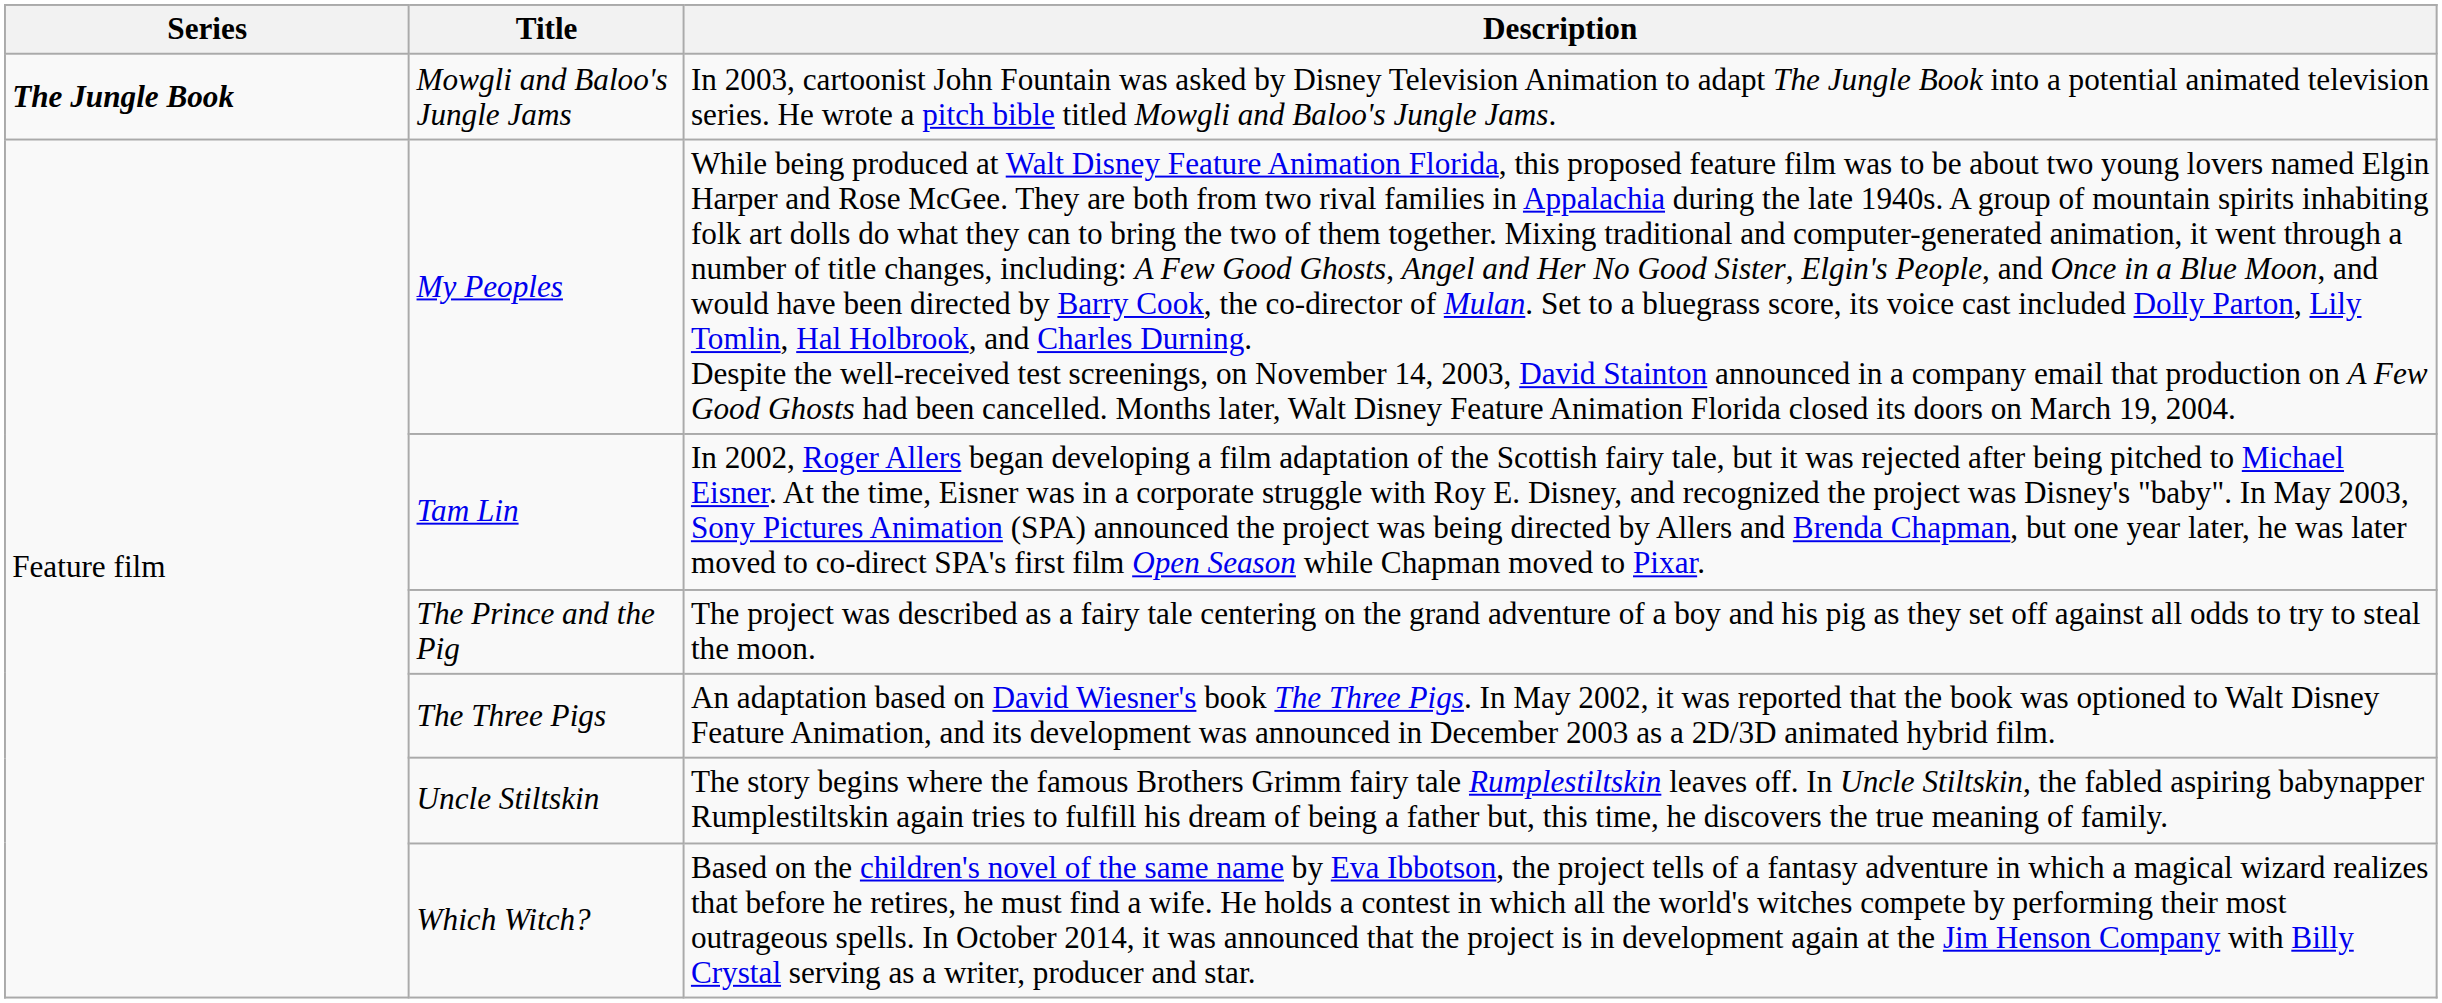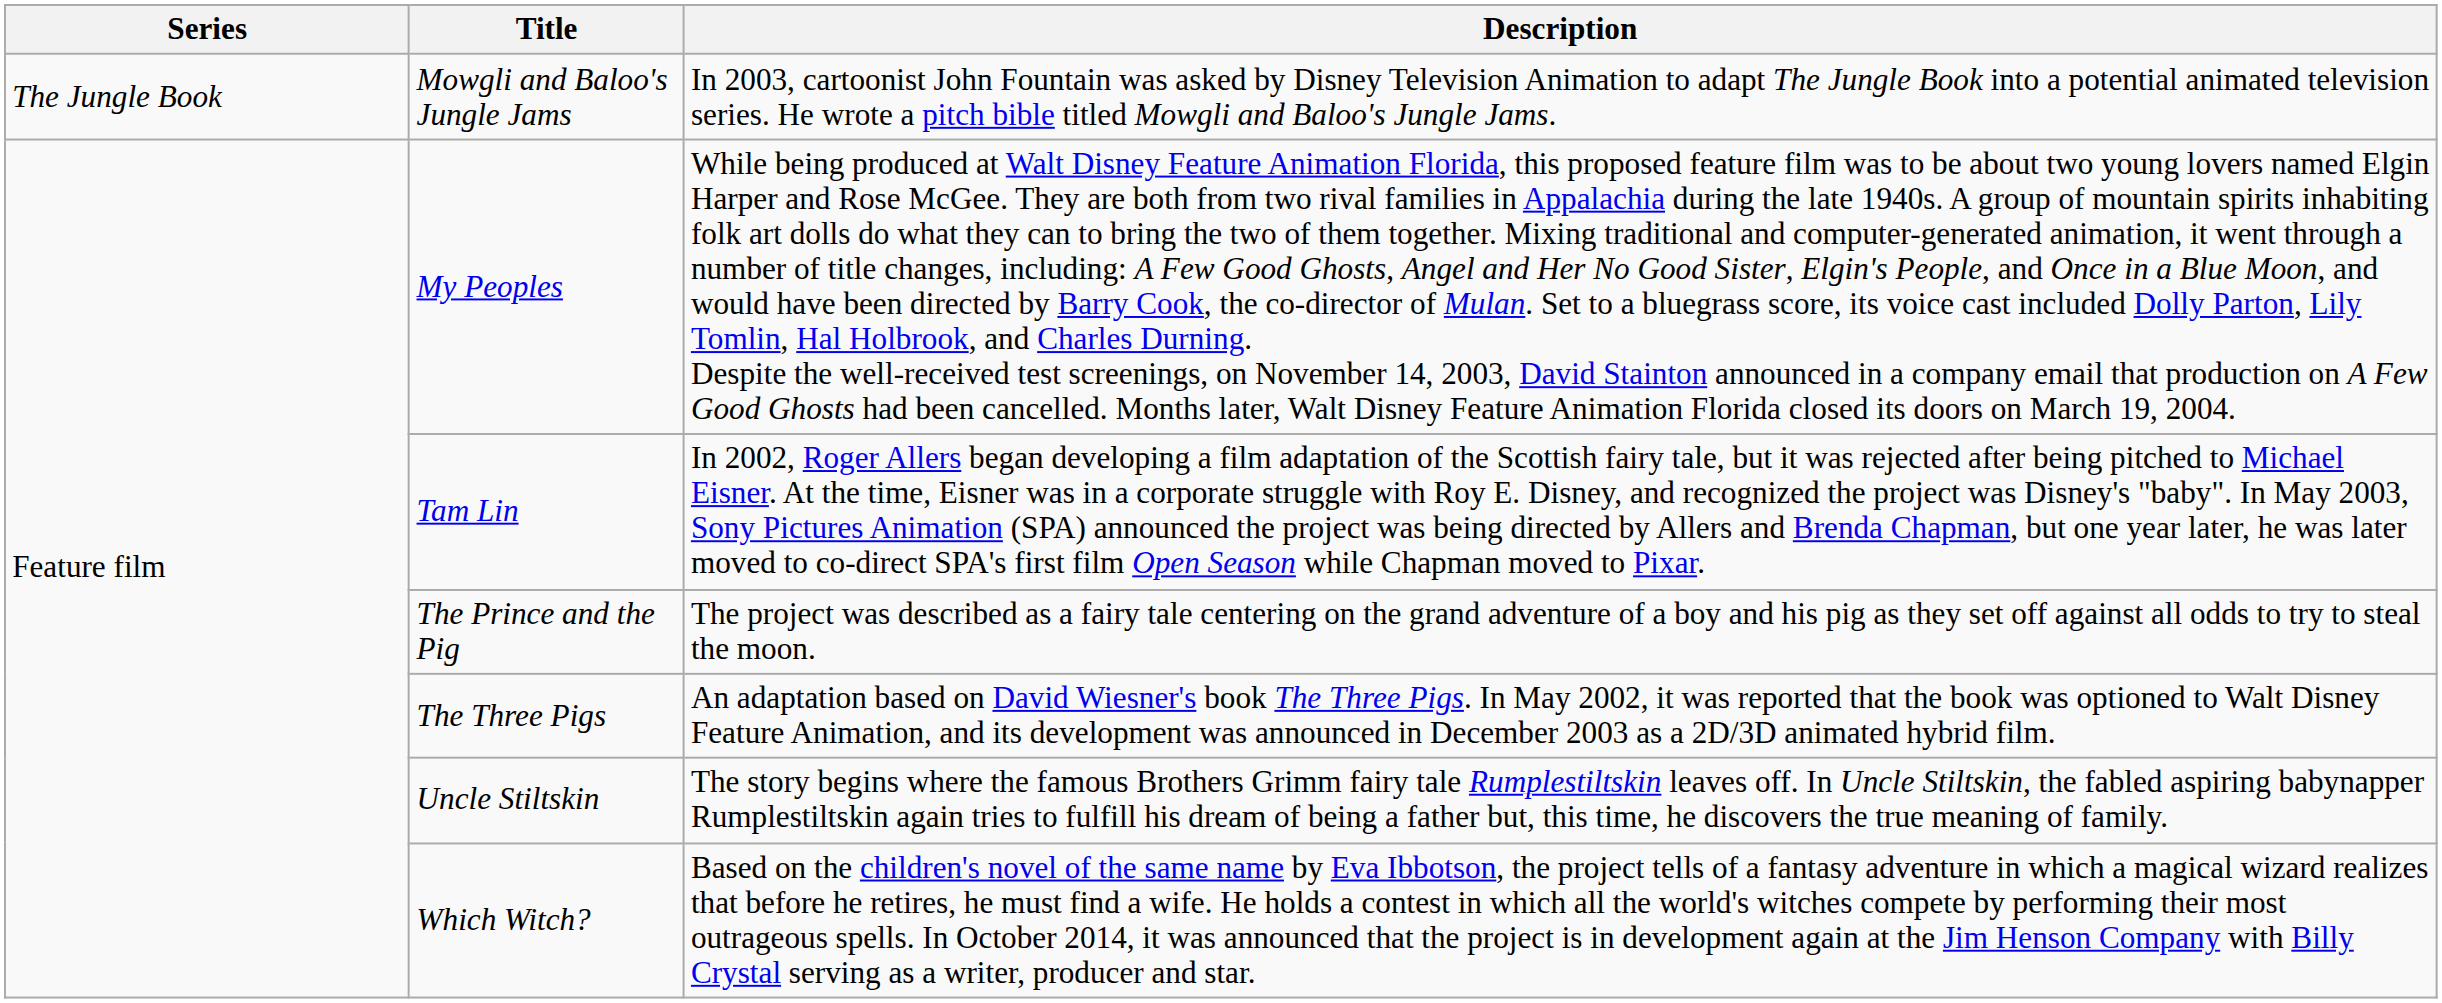 <table class="wikitable">
 <tr>
 <th style="width:150pt;">Series</th>
 <th style="width:100pt;">Title</th>
 <th>Description</th>
 </tr>
 <tr>
-<td><strong><em>The Jungle Book</em></strong></td>
+<td><em>The Jungle Book</em></td>
 <td><em>Mowgli and Baloo's Jungle Jams</em></td>
 <td>In 2003, cartoonist John Fountain was asked by Disney Television Animation to adapt <em>The Jungle Book</em> into a potential animated television series. He wrote a <a href='#'>pitch bible</a> titled <em>Mowgli and Baloo's Jungle Jams</em>.</td>
 </tr>
 <tr>
 <td rowspan="6">Feature film</td>
 <td><em><a href='#'>My Peoples</a></em></td>
 <td>While being produced at <a href='#'>Walt Disney Feature Animation Florida</a>, this proposed feature film was to be about two young lovers named Elgin Harper and Rose McGee. They are both from two rival families in <a href='#'>Appalachia</a> during the late 1940s. A group of mountain spirits inhabiting folk art dolls do what they can to bring the two of them together. Mixing traditional and computer-generated animation, it went through a number of title changes, including: <em>A Few Good Ghosts</em>, <em>Angel and Her No Good Sister</em>, <em>Elgin's People</em>, and <em>Once in a Blue Moon</em>, and would have been directed by <a href='#'>Barry Cook</a>, the co-director of <em><a href='#'>Mulan</a></em>. Set to a bluegrass score, its voice cast included <a href='#'>Dolly Parton</a>, <a href='#'>Lily Tomlin</a>, <a href='#'>Hal Holbrook</a>, and <a href='#'>Charles Durning</a>.<br>Despite the well-received test screenings, on November 14, 2003, <a href='#'>David Stainton</a> announced in a company email that production on <em>A Few Good Ghosts</em> had been cancelled. Months later, Walt Disney Feature Animation Florida closed its doors on March 19, 2004.</td>
 </tr>
 <tr>
 <td><em><a href='#'>Tam Lin</a></em></td>
 <td>In 2002, <a href='#'>Roger Allers</a> began developing a film adaptation of the Scottish fairy tale, but it was rejected after being pitched to <a href='#'>Michael Eisner</a>. At the time, Eisner was in a corporate struggle with Roy E. Disney, and recognized the project was Disney's "baby". In May 2003, <a href='#'>Sony Pictures Animation</a> (SPA) announced the project was being directed by Allers and <a href='#'>Brenda Chapman</a>, but one year later, he was later moved to co-direct SPA's first film <em><a href='#'>Open Season</a></em> while Chapman moved to <a href='#'>Pixar</a>.</td>
 </tr>
 <tr>
 <td><em>The Prince and the Pig</em></td>
 <td>The project was described as a fairy tale centering on the grand adventure of a boy and his pig as they set off against all odds to try to steal the moon.</td>
 </tr>
 <tr>
 <td><em>The Three Pigs</em></td>
 <td>An adaptation based on <a href='#'>David Wiesner's</a> book <em><a href='#'>The Three Pigs</a></em>. In May 2002, it was reported that the book was optioned to Walt Disney Feature Animation, and its development was announced in December 2003 as a 2D/3D animated hybrid film.</td>
 </tr>
 <tr>
 <td><em>Uncle Stiltskin</em></td>
 <td>The story begins where the famous Brothers Grimm fairy tale <em><a href='#'>Rumplestiltskin</a></em> leaves off. In <em>Uncle Stiltskin</em>, the fabled aspiring babynapper Rumplestiltskin again tries to fulfill his dream of being a father but, this time, he discovers the true meaning of family.</td>
 </tr>
 <tr>
 <td><em>Which Witch?</em></td>
 <td>Based on the <a href='#'>children's novel of the same name</a> by <a href='#'>Eva Ibbotson</a>, the project tells of a fantasy adventure in which a magical wizard realizes that before he retires, he must find a wife. He holds a contest in which all the world's witches compete by performing their most outrageous spells. In October 2014, it was announced that the project is in development again at the <a href='#'>Jim Henson Company</a> with <a href='#'>Billy Crystal</a> serving as a writer, producer and star.</td>
 </tr>
 </table>
